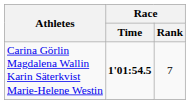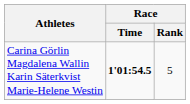 <table class="wikitable" border="1" style="font-size:90%">
 <tr>
 <th rowspan=2>Athletes</th>
 <th colspan=2>Race</th>
 </tr>
 <tr>
 <th>Time</th>
 <th>Rank</th>
 </tr>
 <tr>
 <td><a href='#'>Carina Görlin</a><br><a href='#'>Magdalena Wallin</a><br><a href='#'>Karin Säterkvist</a><br><a href='#'>Marie-Helene Westin</a></td>
 <td align=center><strong>1'01:54.5</strong></td>
-<td align=center>7</td>
+<td align=center>5</td>
 </tr>
 </table>
